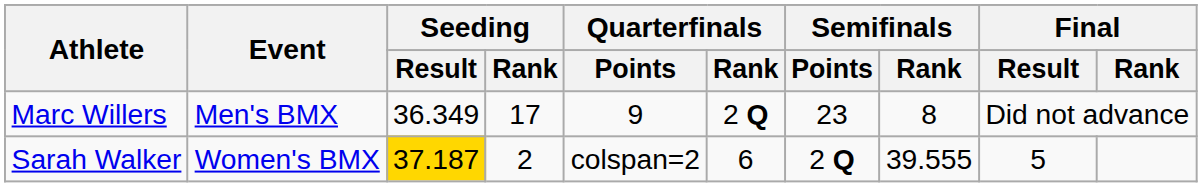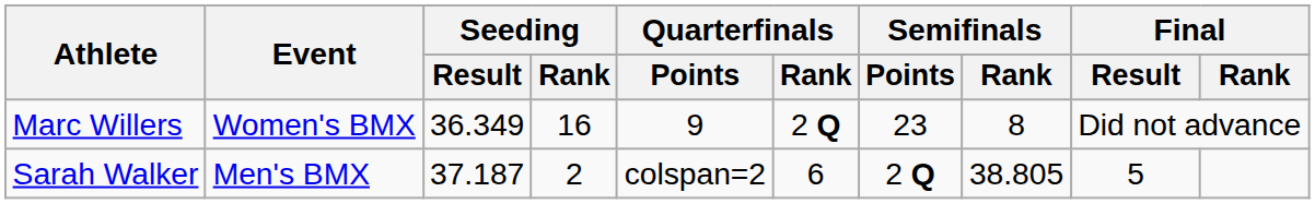 <table class=wikitable style="font-size:90%">
 <tr>
 <th rowspan="2">Athlete</th>
 <th rowspan="2">Event</th>
 <th colspan="2">Seeding</th>
 <th colspan="2">Quarterfinals</th>
 <th colspan="2">Semifinals</th>
 <th colspan="2">Final</th>
 </tr>
 <tr style="font-size:95%">
 <th>Result</th>
 <th>Rank</th>
 <th>Points</th>
 <th>Rank</th>
 <th>Points</th>
 <th>Rank</th>
 <th>Result</th>
 <th>Rank</th>
 </tr>
 <tr align=center>
 <td align=left><a href='#'>Marc Willers</a></td>
-<td align=left><a href='#'>Men's BMX</a></td>
+<td align=left><a href='#'>Women's BMX</a></td>
 <td>36.349</td>
-<td>17</td>
+<td>16</td>
 <td>9</td>
 <td>2 <strong>Q</strong></td>
 <td>23</td>
 <td>8</td>
 <td colspan=2>Did not advance</td>
 </tr>
 <tr align=center>
 <td align=left><a href='#'>Sarah Walker</a></td>
-<td align=left><a href='#'>Women's BMX</a></td>
-<td style="background: gold;">37.187</td>
+<td align=left><a href='#'>Men's BMX</a></td>
+<td>37.187</td>
 <td>2</td>
 <td>colspan=2 </td>
 <td>6</td>
 <td>2 <strong>Q</strong></td>
-<td>39.555</td>
+<td>38.805</td>
 <td>5</td>
 </tr>
 </table>
